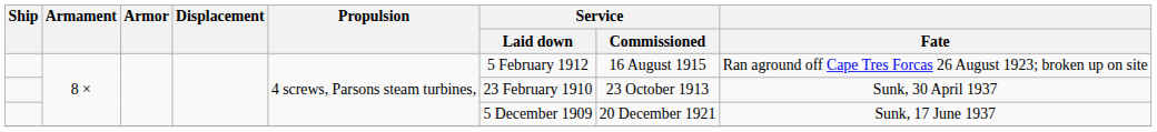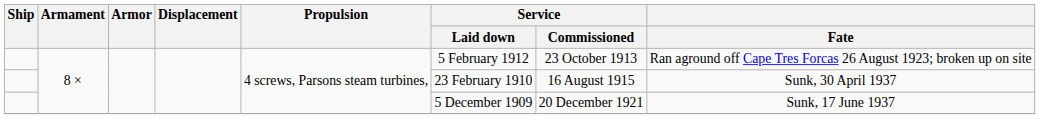 <table class="wikitable plainrowheaders" style="text-align: center;">
 <tr valign="top">
 <th scope="col" rowspan="2">Ship</th>
 <th scope="col" rowspan="2">Armament</th>
 <th scope="col" rowspan="2">Armor</th>
 <th scope="col" rowspan="2">Displacement</th>
 <th scope="col" rowspan="2">Propulsion</th>
 <th scope="col" colspan="2">Service</th>
 <th></th>
 </tr>
 <tr valign="top">
 <th scope="col">Laid down</th>
 <th scope="col">Commissioned</th>
 <th scope="col">Fate</th>
 </tr>
 <tr valign="center">
 <td align= left></td>
 <td rowspan="3">8 × </td>
 <td rowspan="3"></td>
 <td rowspan="3"></td>
 <td rowspan="3">4 screws, Parsons steam turbines, </td>
 <td>5 February 1912</td>
-<td>16 August 1915</td>
+<td>23 October 1913</td>
 <td>Ran aground off <a href='#'>Cape Tres Forcas</a> 26 August 1923; broken up on site</td>
 </tr>
 <tr valign="top">
 <td align= left></td>
 <td>23 February 1910</td>
-<td>23 October 1913</td>
+<td>16 August 1915</td>
 <td>Sunk, 30 April 1937</td>
 </tr>
 <tr valign="top">
 <td align= left></td>
 <td>5 December 1909</td>
 <td>20 December 1921</td>
 <td>Sunk, 17 June 1937</td>
 </tr>
 <tr>
 </tr>
 </table>
